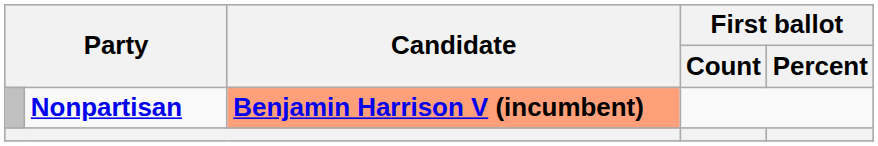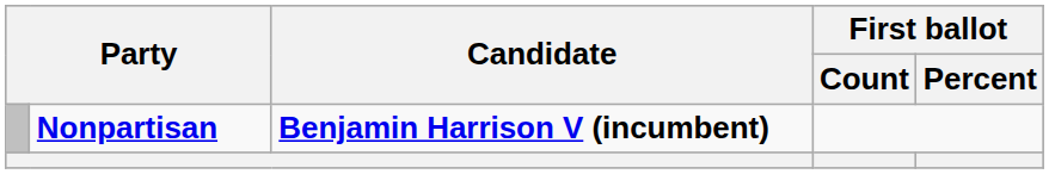 <table class=wikitable>
 <tr>
 <th colspan=2 rowspan=2 style="width: 130px">Party</th>
 <th rowspan=2 style="width: 17em">Candidate</th>
 <th colspan=2>First ballot</th>
 </tr>
 <tr>
 <th style="width: 2.5em">Count</th>
 <th style="width: 2.5em">Percent</th>
 </tr>
 <tr>
 <td style="background-color:#C0C0C0; width:5px;"></td>
 <td><strong><a href='#'>Nonpartisan</a></strong></td>
-<td style="background: lightsalmon;"><strong><a href='#'>Benjamin Harrison V</a> (incumbent)</strong></td>
+<td><strong><a href='#'>Benjamin Harrison V</a> (incumbent)</strong></td>
 <td align=right colspan=2></td>
 </tr>
 <tr>
 <th colspan=3></th>
 <th></th>
 <th></th>
 </tr>
 </table>
